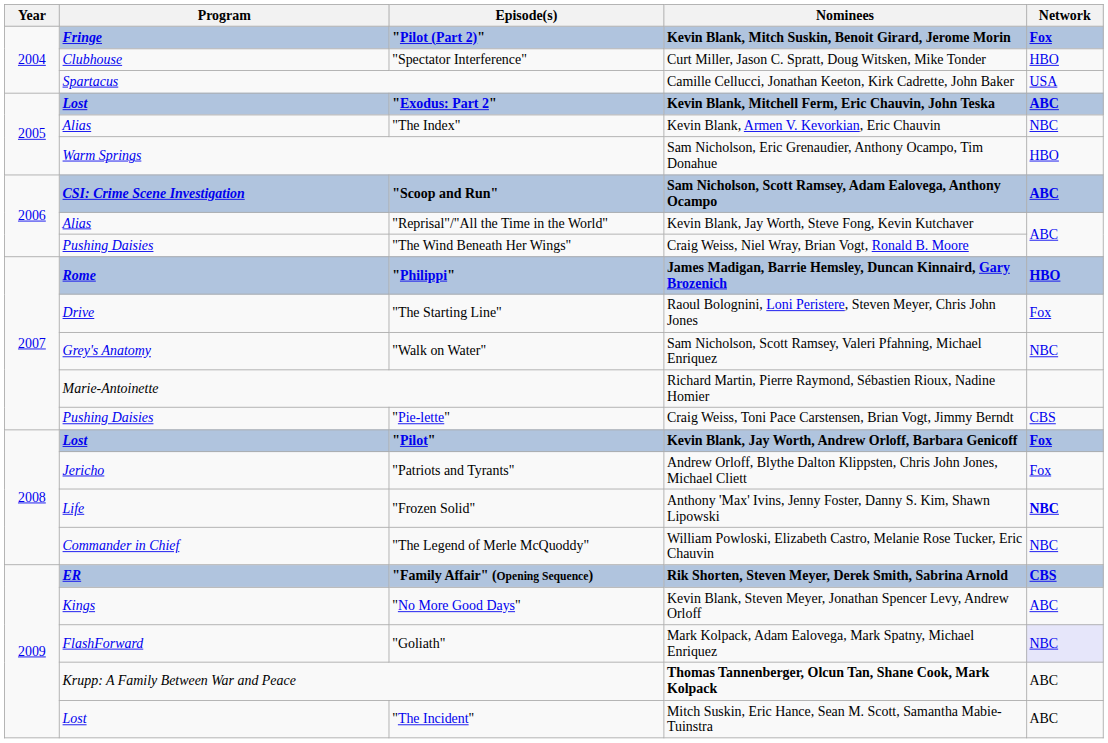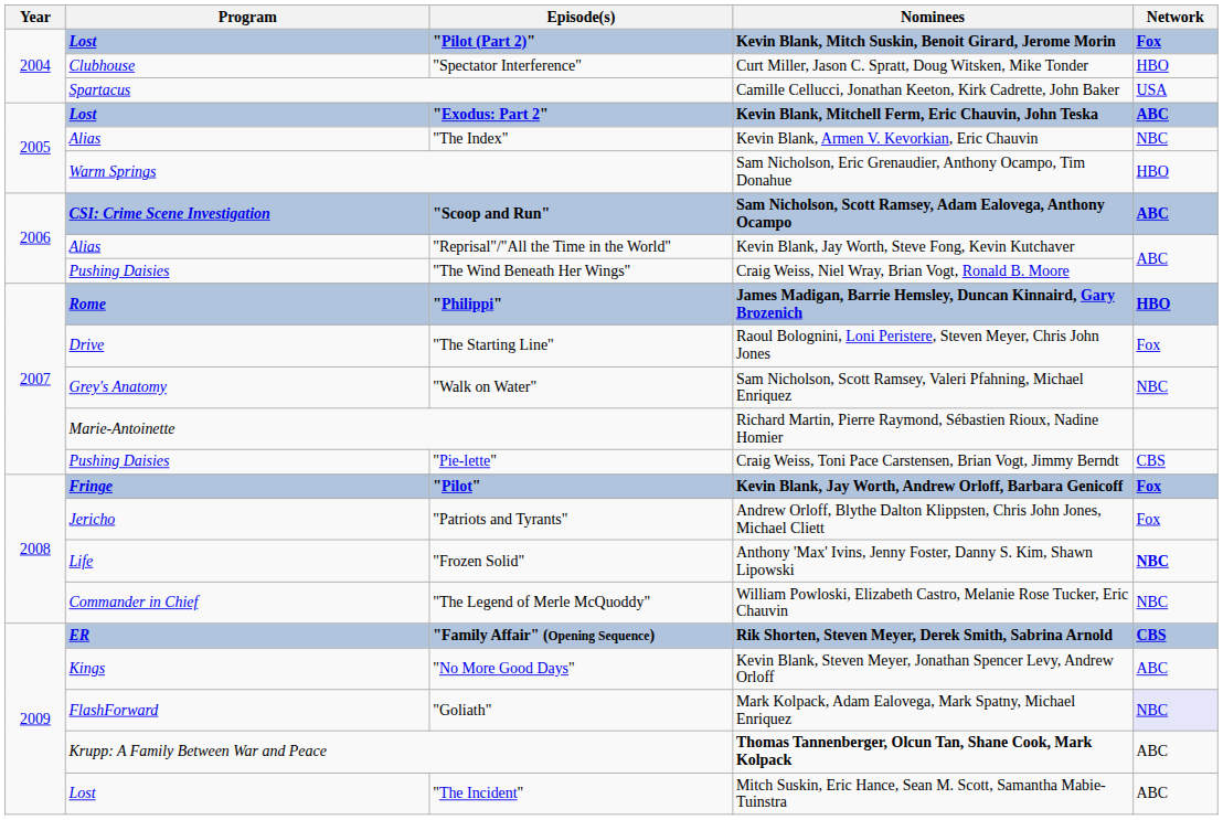 <table class="wikitable" style="width:100%">
 <tr bgcolor="#bebebe">
 <th width="5%">Year</th>
 <th width="30%">Program</th>
 <th width="25%">Episode(s)</th>
 <th width="33%">Nominees</th>
 <th width="8%">Network</th>
 </tr>
 <tr>
 <td rowspan="3" style="text-align:center;"><a href='#'>2004</a><br></td>
-<td style="background:#B0C4DE;"><strong><em><a href='#'>Fringe</a></em></strong></td>
+<td style="background:#B0C4DE;"><strong><em><a href='#'>Lost</a></em></strong></td>
 <td style="background:#B0C4DE;"><strong>"<a href='#'>Pilot (Part 2)</a>"</strong></td>
 <td style="background:#B0C4DE;"><strong>Kevin Blank, Mitch Suskin, Benoit Girard, Jerome Morin</strong></td>
 <td style="background:#B0C4DE;"><strong><a href='#'>Fox</a> </strong></td>
 </tr>
 <tr>
 <td><em><a href='#'>Clubhouse</a></em></td>
 <td>"Spectator Interference"</td>
 <td>Curt Miller, Jason C. Spratt, Doug Witsken, Mike Tonder</td>
 <td><a href='#'>HBO</a></td>
 </tr>
 <tr>
 <td colspan="2"><em><a href='#'>Spartacus</a></em></td>
 <td>Camille Cellucci, Jonathan Keeton, Kirk Cadrette, John Baker</td>
 <td><a href='#'>USA</a></td>
 </tr>
 <tr>
 <td rowspan="3" style="text-align:center;"><a href='#'>2005</a><br></td>
 <td style="background:#B0C4DE;"><strong><em><a href='#'>Lost</a></em></strong></td>
 <td style="background:#B0C4DE;"><strong>"<a href='#'>Exodus: Part 2</a>"</strong></td>
 <td style="background:#B0C4DE;"><strong>Kevin Blank, Mitchell Ferm, Eric Chauvin, John Teska</strong></td>
 <td style="background:#B0C4DE;"><strong><a href='#'>ABC</a></strong></td>
 </tr>
 <tr>
 <td><em><a href='#'>Alias</a></em></td>
 <td>"The Index"</td>
 <td>Kevin Blank, <a href='#'>Armen V. Kevorkian</a>, Eric Chauvin</td>
 <td><a href='#'>NBC</a></td>
 </tr>
 <tr>
 <td colspan="2"><em><a href='#'>Warm Springs</a></em></td>
 <td>Sam Nicholson, Eric Grenaudier, Anthony Ocampo, Tim Donahue</td>
 <td><a href='#'>HBO</a></td>
 </tr>
 <tr>
 <td rowspan="3" style="text-align:center;"><a href='#'>2006</a><br></td>
 <td style="background:#B0C4DE;"><strong><em><a href='#'>CSI: Crime Scene Investigation</a></em></strong></td>
 <td style="background:#B0C4DE;"><strong>"Scoop and Run"</strong></td>
 <td style="background:#B0C4DE;"><strong>Sam Nicholson, Scott Ramsey, Adam Ealovega, Anthony Ocampo</strong></td>
 <td style="background:#B0C4DE;"><strong><a href='#'>ABC</a></strong></td>
 </tr>
 <tr>
 <td><em><a href='#'>Alias</a></em></td>
 <td>"Reprisal"/"All the Time in the World"</td>
 <td>Kevin Blank, Jay Worth, Steve Fong, Kevin Kutchaver</td>
 <td rowspan="2"><a href='#'>ABC</a></td>
 </tr>
 <tr>
 <td><em><a href='#'>Pushing Daisies</a></em></td>
 <td>"The Wind Beneath Her Wings"</td>
 <td>Craig Weiss, Niel Wray, Brian Vogt, <a href='#'>Ronald B. Moore</a></td>
 </tr>
 <tr>
 <td rowspan="5" style="text-align:center;"><a href='#'>2007</a><br></td>
 <td style="background:#B0C4DE;"><strong><em><a href='#'>Rome</a></em></strong></td>
 <td style="background:#B0C4DE;"><strong>"<a href='#'>Philippi</a>"</strong></td>
 <td style="background:#B0C4DE;"><strong>James Madigan, Barrie Hemsley, Duncan Kinnaird, <a href='#'>Gary Brozenich</a></strong></td>
 <td style="background:#B0C4DE;"><strong><a href='#'>HBO</a></strong></td>
 </tr>
 <tr>
 <td><em><a href='#'>Drive</a></em></td>
 <td>"The Starting Line"</td>
 <td>Raoul Bolognini, <a href='#'>Loni Peristere</a>, Steven Meyer, Chris John Jones</td>
 <td><a href='#'>Fox</a></td>
 </tr>
 <tr>
 <td><em><a href='#'>Grey's Anatomy</a></em></td>
 <td>"Walk on Water"</td>
 <td>Sam Nicholson, Scott Ramsey, Valeri Pfahning, Michael Enriquez</td>
 <td><a href='#'>NBC</a></td>
 </tr>
 <tr>
 <td colspan="2"><em>Marie-Antoinette</em></td>
 <td>Richard Martin, Pierre Raymond, Sébastien Rioux, Nadine Homier</td>
 <td></td>
 </tr>
 <tr>
 <td><em><a href='#'>Pushing Daisies</a></em></td>
 <td>"<a href='#'>Pie-lette</a>"</td>
 <td>Craig Weiss, Toni Pace Carstensen, Brian Vogt, Jimmy Berndt</td>
 <td><a href='#'>CBS</a></td>
 </tr>
 <tr>
 <td rowspan="4" style="text-align:center;"><a href='#'>2008</a><br></td>
-<td style="background:#B0C4DE;"><strong><em><a href='#'>Lost</a></em></strong></td>
+<td style="background:#B0C4DE;"><strong><em><a href='#'>Fringe</a></em></strong></td>
 <td style="background:#B0C4DE;"><strong>"<a href='#'>Pilot</a>"</strong></td>
 <td style="background:#B0C4DE;"><strong>Kevin Blank, Jay Worth, Andrew Orloff, Barbara Genicoff</strong></td>
 <td style="background:#B0C4DE;"><strong><a href='#'>Fox</a> </strong></td>
 </tr>
 <tr>
 <td><em><a href='#'>Jericho</a></em></td>
 <td>"Patriots and Tyrants"</td>
 <td>Andrew Orloff, Blythe Dalton Klippsten, Chris John Jones, Michael Cliett</td>
 <td><a href='#'>Fox</a></td>
 </tr>
 <tr>
 <td><em><a href='#'>Life</a></em></td>
 <td>"Frozen Solid"</td>
 <td>Anthony 'Max' Ivins, Jenny Foster, Danny S. Kim, Shawn Lipowski</td>
 <td><strong><a href='#'>NBC</a></strong></td>
 </tr>
 <tr>
 <td><em><a href='#'>Commander in Chief</a></em></td>
 <td>"The Legend of Merle McQuoddy"</td>
 <td>William Powloski, Elizabeth Castro, Melanie Rose Tucker, Eric Chauvin</td>
 <td><a href='#'>NBC</a></td>
 </tr>
 <tr>
 <td rowspan="5" style="text-align:center;"><a href='#'>2009</a><br></td>
 <td style="background:#B0C4DE;"><strong><em><a href='#'>ER</a></em></strong></td>
 <td style="background:#B0C4DE;"><strong>"Family Affair" (<small>Opening Sequence</small>)</strong></td>
 <td style="background:#B0C4DE;"><strong>Rik Shorten, Steven Meyer, Derek Smith, Sabrina Arnold</strong></td>
 <td style="background:#B0C4DE;"><strong><a href='#'>CBS</a></strong></td>
 </tr>
 <tr>
 <td><em><a href='#'>Kings</a></em></td>
 <td>"<a href='#'>No More Good Days</a>"</td>
 <td>Kevin Blank, Steven Meyer, Jonathan Spencer Levy, Andrew Orloff</td>
 <td><a href='#'>ABC</a></td>
 </tr>
 <tr>
 <td><em><a href='#'>FlashForward</a></em></td>
 <td>"Goliath"</td>
 <td>Mark Kolpack, Adam Ealovega, Mark Spatny, Michael Enriquez</td>
 <td style="background: lavender;"><a href='#'>NBC</a></td>
 </tr>
 <tr>
 <td colspan="2"><em>Krupp: A Family Between War and Peace</em></td>
 <td><strong>Thomas Tannenberger, Olcun Tan, Shane Cook, Mark Kolpack</strong></td>
 <td>ABC</td>
 </tr>
 <tr>
 <td><em><a href='#'>Lost</a></em></td>
 <td>"<a href='#'>The Incident</a>"</td>
 <td>Mitch Suskin, Eric Hance, Sean M. Scott, Samantha Mabie-Tuinstra</td>
 <td>ABC</td>
 </tr>
 </table>
